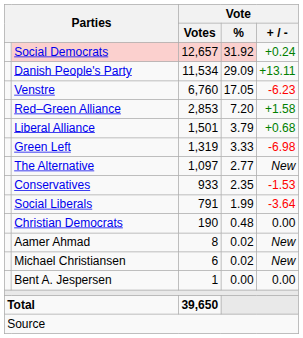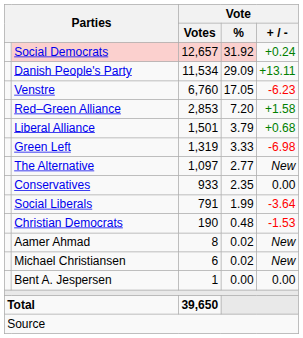 <table class="wikitable" style="text-align:right;">
 <tr>
 <th style="text-align:centre;" rowspan="2" colspan="2" width="225">Parties</th>
 <th colspan="3">Vote</th>
 </tr>
 <tr>
 <th width="15">Votes</th>
 <th width="15">%</th>
 <th width="15">+ / -</th>
 </tr>
 <tr>
 <td width="2" style="color:inherit;background:"></td>
 <td bgcolor=#fbd0ce  align="left"><a href='#'>Social Democrats</a></td>
 <td bgcolor=#fbd0ce>12,657</td>
 <td bgcolor=#fbd0ce>31.92</td>
 <td style=color:green;>+0.24</td>
 </tr>
 <tr>
 <td width="2" style="color:inherit;background:"></td>
 <td align="left"><a href='#'>Danish People's Party</a></td>
 <td>11,534</td>
 <td>29.09</td>
 <td style=color:green;>+13.11</td>
 </tr>
 <tr>
 <td width="2" style="color:inherit;background:"></td>
 <td align="left"><a href='#'>Venstre</a></td>
 <td>6,760</td>
 <td>17.05</td>
 <td style=color:red;>-6.23</td>
 </tr>
 <tr>
 <td width="2" style="color:inherit;background:"></td>
 <td align="left"><a href='#'>Red–Green Alliance</a></td>
 <td>2,853</td>
 <td>7.20</td>
 <td style=color:green;>+1.58</td>
 </tr>
 <tr>
 <td width="2" style="color:inherit;background:"></td>
 <td align="left"><a href='#'>Liberal Alliance</a></td>
 <td>1,501</td>
 <td>3.79</td>
 <td style=color:green;>+0.68</td>
 </tr>
 <tr>
 <td width="2" style="color:inherit;background:"></td>
 <td align="left"><a href='#'>Green Left</a></td>
 <td>1,319</td>
 <td>3.33</td>
 <td style=color:red;>-6.98</td>
 </tr>
 <tr>
 <td width="2" style="color:inherit;background:"></td>
 <td align="left"><a href='#'>The Alternative</a></td>
 <td>1,097</td>
 <td>2.77</td>
 <td><em>New</em></td>
 </tr>
 <tr>
 <td width="2" style="color:inherit;background:"></td>
 <td align="left"><a href='#'>Conservatives</a></td>
 <td>933</td>
 <td>2.35</td>
-<td style=color:red;>-1.53</td>
+<td>0.00</td>
 </tr>
 <tr>
 <td width="2" style="color:inherit;background:"></td>
 <td align="left"><a href='#'>Social Liberals</a></td>
 <td>791</td>
 <td>1.99</td>
 <td style=color:red;>-3.64</td>
 </tr>
 <tr>
 <td width="2" style="color:inherit;background:"></td>
 <td align="left"><a href='#'>Christian Democrats</a></td>
 <td>190</td>
 <td>0.48</td>
-<td>0.00</td>
+<td style=color:red;>-1.53</td>
 </tr>
 <tr>
 <td width="2" style="color:inherit;background:"></td>
 <td align="left">Aamer Ahmad</td>
 <td>8</td>
 <td>0.02</td>
 <td><em>New</em></td>
 </tr>
 <tr>
 <td width="2" style="color:inherit;background:"></td>
 <td align="left">Michael Christiansen</td>
 <td>6</td>
 <td>0.02</td>
 <td><em>New</em></td>
 </tr>
 <tr>
 <td width="2" style="color:inherit;background:"></td>
 <td align="left">Bent A. Jespersen</td>
 <td>1</td>
 <td>0.00</td>
 <td>0.00</td>
 </tr>
 <tr>
 <td colspan="7" bgcolor="#E9E9E9"></td>
 </tr>
 <tr>
 <td align="left" colspan="2"><strong>Total</strong></td>
 <td><strong>39,650</strong></td>
 <td bgcolor="#E9E9E9" colspan="2"></td>
 </tr>
 <tr>
 <td align="left" colspan="6">Source</td>
 </tr>
 </table>
